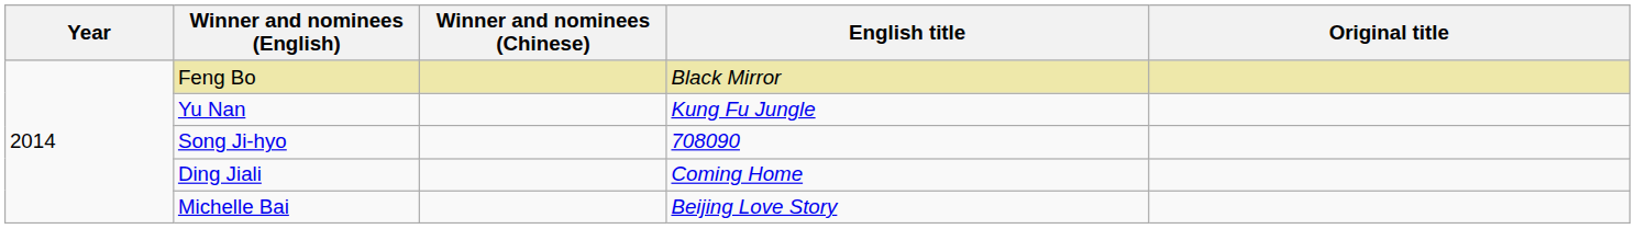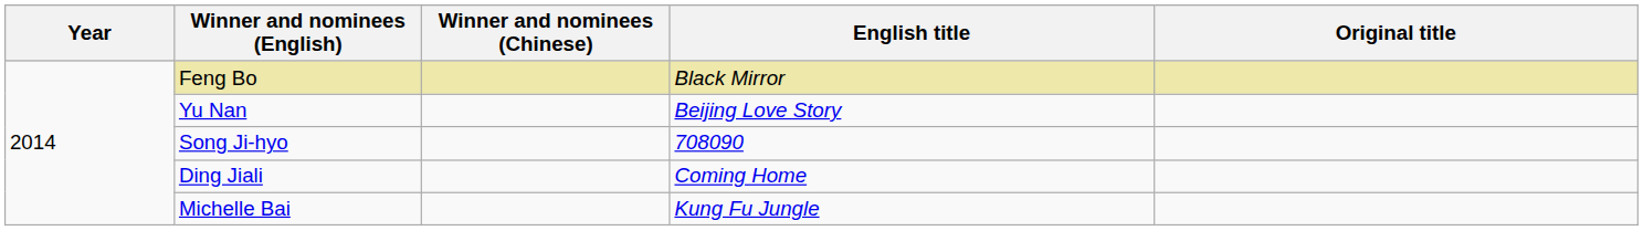 <table class="wikitable" style="width:100%;">
 <tr style="background:#bebebe">
 <th width="100"><strong>Year</strong></th>
 <th width="150"><strong>Winner and nominees<br>(English)</strong></th>
 <th width="150"><strong>Winner and nominees<br>(Chinese)</strong></th>
 <th width="300"><strong>English title</strong></th>
 <th width="300"><strong>Original title</strong></th>
 </tr>
 <tr>
 <td rowspan="5">2014</td>
 <td style="background:#EEE8AA;">Feng Bo</td>
 <td style="background:#EEE8AA;"></td>
 <td style="background:#EEE8AA;"><em>Black Mirror</em></td>
 <td style="background:#EEE8AA;"></td>
 </tr>
 <tr>
 <td><a href='#'>Yu Nan</a></td>
 <td></td>
-<td><em><a href='#'>Kung Fu Jungle</a></em></td>
+<td><em><a href='#'>Beijing Love Story</a></em></td>
 <td></td>
 </tr>
 <tr>
 <td><a href='#'>Song Ji-hyo</a></td>
 <td></td>
 <td><em><a href='#'>708090</a></em></td>
 <td></td>
 </tr>
 <tr>
 <td><a href='#'>Ding Jiali</a></td>
 <td></td>
 <td><em><a href='#'>Coming Home</a></em></td>
 <td></td>
 </tr>
 <tr>
 <td><a href='#'>Michelle Bai</a></td>
 <td></td>
-<td><em><a href='#'>Beijing Love Story</a></em></td>
+<td><em><a href='#'>Kung Fu Jungle</a></em></td>
 <td></td>
 </tr>
 </table>
